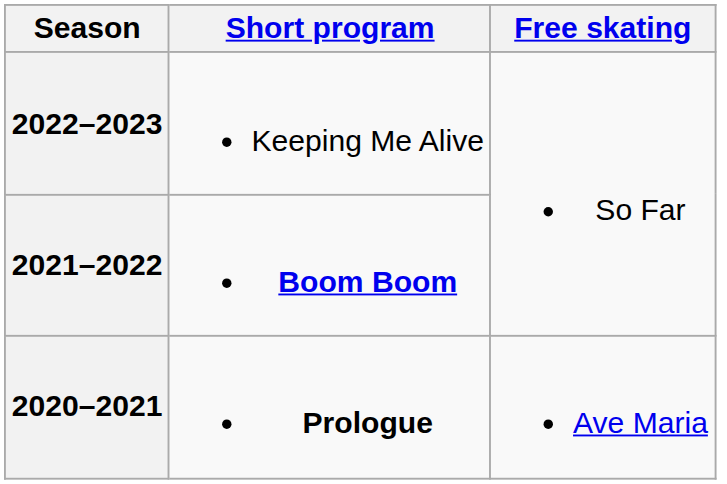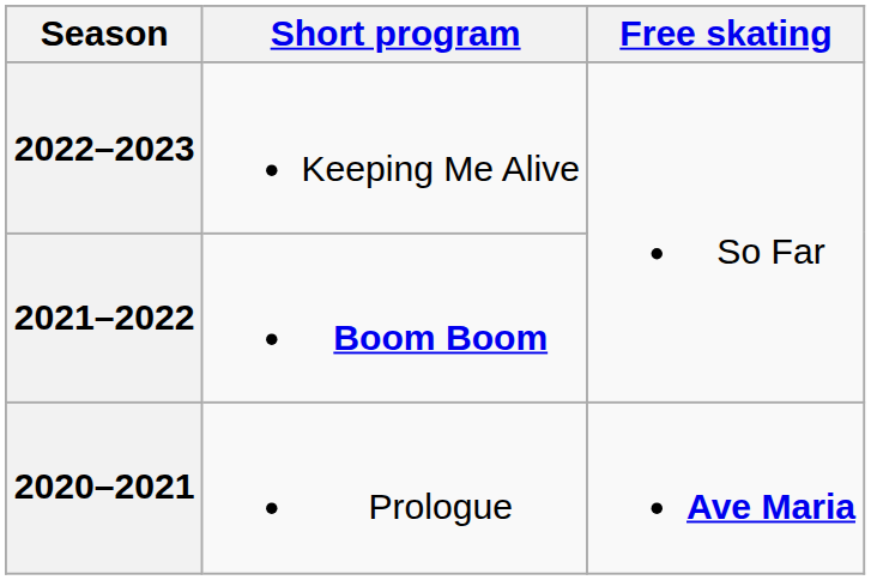 <table class=wikitable style=text-align:center>
 <tr>
 <th>Season</th>
 <th><a href='#'>Short program</a></th>
 <th><a href='#'>Free skating</a></th>
 </tr>
 <tr>
 <th>2022–2023 <br> </th>
 <td><br><ul><li>Keeping Me Alive <br> </li></ul></td>
 <td rowspan="2"><br><ul><li>So Far <br> </li></ul></td>
 </tr>
 <tr>
 <th>2021–2022 <br> </th>
 <td><strong><br><ul><li><a href='#'>Boom Boom</a> <br> </li></ul></strong></td>
 </tr>
 <tr>
 <th>2020–2021 <br> </th>
-<td><strong><br><ul><li>Prologue<br></li></ul></strong></td>
-<td><br><ul><li><a href='#'>Ave Maria</a><br></li></ul></td>
+<td><br><ul><li>Prologue<br></li></ul></td>
+<td><strong><br><ul><li><a href='#'>Ave Maria</a><br></li></ul></strong></td>
 </tr>
 </table>
